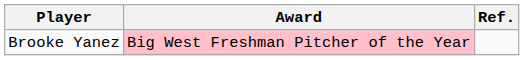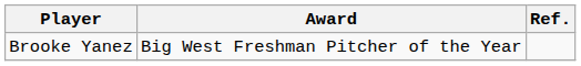 <table class="wikitable sortable sortable" style="text-align: center">
 <tr align=center>
 <th>Player</th>
 <th>Award</th>
 <th>Ref.</th>
 </tr>
 <tr>
 <td>Brooke Yanez</td>
-<td style="background: pink;">Big West Freshman Pitcher of the Year</td>
+<td>Big West Freshman Pitcher of the Year</td>
 <td></td>
 </tr>
 <tr>
 </tr>
 </table>
